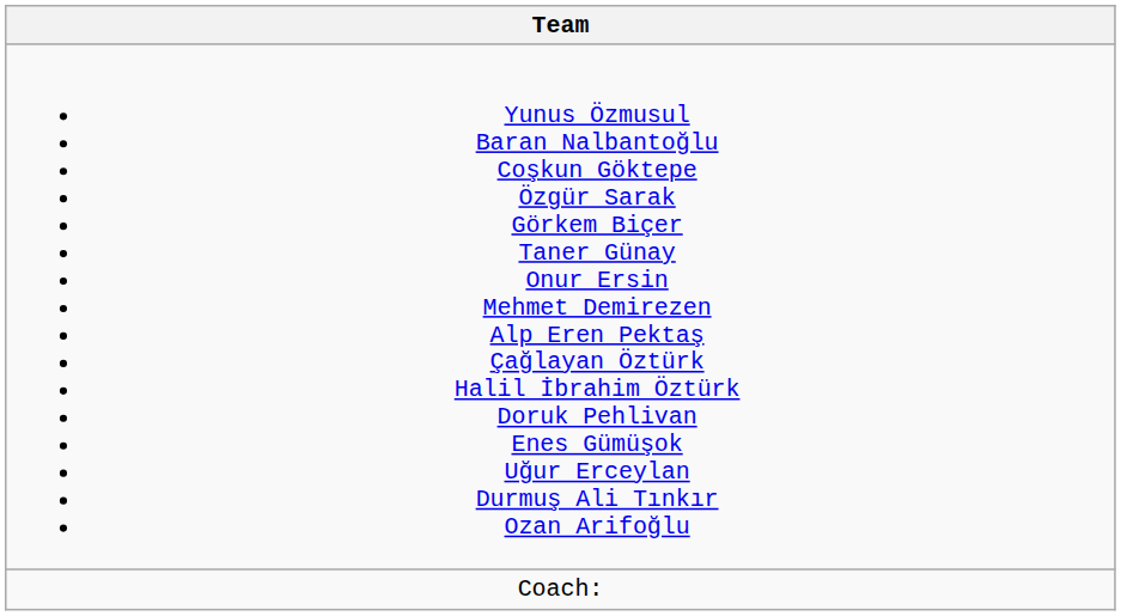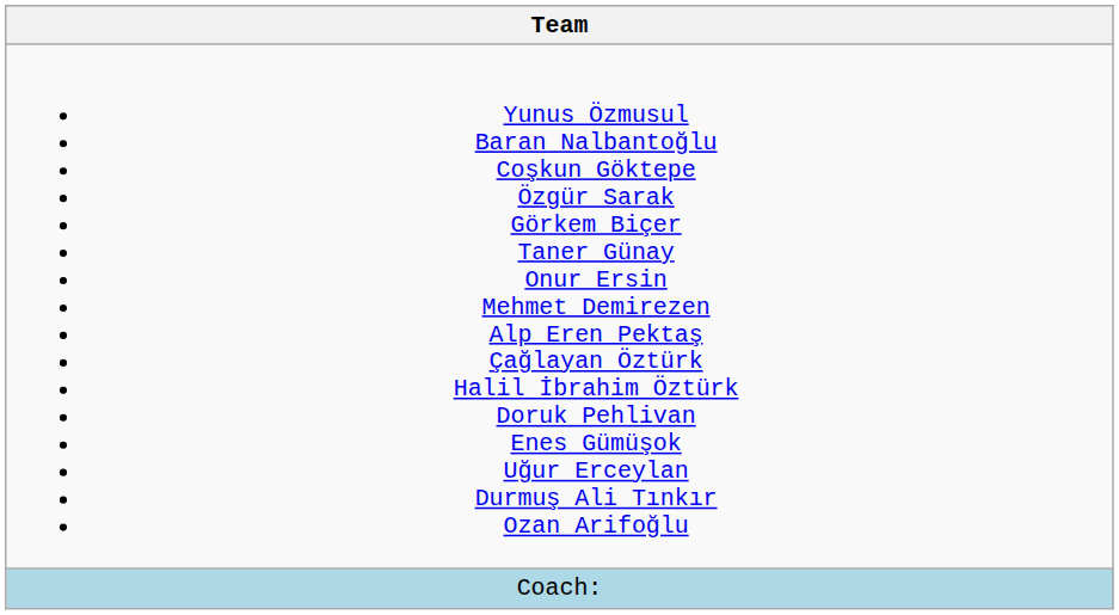 <table class="wikitable" style="text-align: center;">
 <tr>
 <th width=600>Team </th>
 </tr>
 <tr>
 <td><br><ul><li><a href='#'>Yunus Özmusul</a></li><li><a href='#'>Baran Nalbantoğlu</a></li><li><a href='#'>Coşkun Göktepe</a></li><li><a href='#'>Özgür Sarak</a></li><li><a href='#'>Görkem Biçer</a></li><li><a href='#'>Taner Günay</a></li><li><a href='#'>Onur Ersin</a></li><li><a href='#'>Mehmet Demirezen</a></li><li><a href='#'>Alp Eren Pektaş</a></li><li><a href='#'>Çağlayan Öztürk</a></li><li><a href='#'>Halil İbrahim Öztürk</a></li><li><a href='#'>Doruk Pehlivan</a></li><li><a href='#'>Enes Gümüşok</a></li><li><a href='#'>Uğur Erceylan</a></li><li><a href='#'>Durmuş Ali Tınkır</a></li><li><a href='#'>Ozan Arifoğlu</a></li></ul></td>
 </tr>
 <tr>
-<td>Coach:</td>
+<td style="background: lightblue;">Coach:</td>
 </tr>
 </table>
